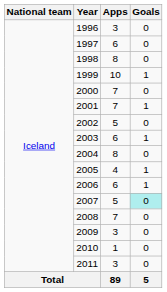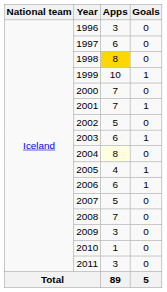 <table class="wikitable" style="text-align:center">
 <tr>
 <th>National team</th>
 <th>Year</th>
 <th>Apps</th>
 <th>Goals</th>
 </tr>
 <tr>
 <td rowspan="16"><a href='#'>Iceland</a></td>
 <td>1996</td>
 <td>3</td>
 <td>0</td>
 </tr>
 <tr>
 <td>1997</td>
 <td>6</td>
 <td>0</td>
 </tr>
 <tr>
 <td>1998</td>
-<td>8</td>
+<td style="background: gold;">8</td>
 <td>0</td>
 </tr>
 <tr>
 <td>1999</td>
 <td>10</td>
 <td>1</td>
 </tr>
 <tr>
 <td>2000</td>
 <td>7</td>
 <td>0</td>
 </tr>
 <tr>
 <td>2001</td>
 <td>7</td>
 <td>1</td>
 </tr>
 <tr>
 <td>2002</td>
 <td>5</td>
 <td>0</td>
 </tr>
 <tr>
 <td>2003</td>
 <td>6</td>
 <td>1</td>
 </tr>
 <tr>
 <td>2004</td>
-<td>8</td>
+<td style="background: lightyellow;">8</td>
 <td>0</td>
 </tr>
 <tr>
 <td>2005</td>
 <td>4</td>
 <td>1</td>
 </tr>
 <tr>
 <td>2006</td>
 <td>6</td>
 <td>1</td>
 </tr>
 <tr>
 <td>2007</td>
 <td>5</td>
-<td style="background: paleturquoise;">0</td>
+<td>0</td>
 </tr>
 <tr>
 <td>2008</td>
 <td>7</td>
 <td>0</td>
 </tr>
 <tr>
 <td>2009</td>
 <td>3</td>
 <td>0</td>
 </tr>
 <tr>
 <td>2010</td>
 <td>1</td>
 <td>0</td>
 </tr>
 <tr>
 <td>2011</td>
 <td>3</td>
 <td>0</td>
 </tr>
 <tr>
 <th colspan="2">Total</th>
 <th>89</th>
 <th>5</th>
 </tr>
 </table>
